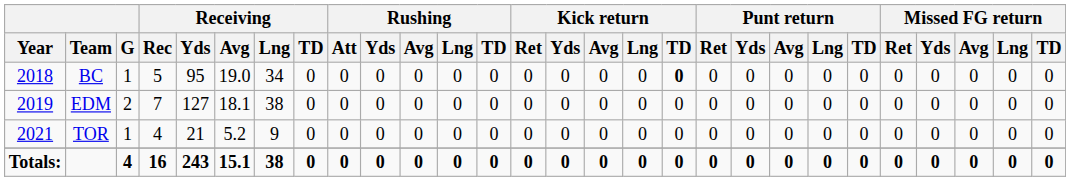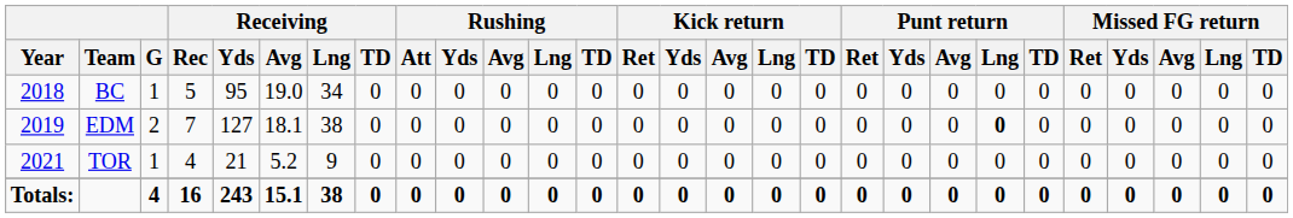 <table class="wikitable" style="text-align:center">
 <tr>
 <th colspan="3"></th>
 <th colspan="5">Receiving</th>
 <th colspan="5">Rushing</th>
 <th colspan="5">Kick return</th>
 <th colspan="5">Punt return</th>
 <th colspan="5">Missed FG return</th>
 </tr>
 <tr>
 <th>Year</th>
 <th>Team</th>
 <th>G</th>
 <th>Rec</th>
 <th>Yds</th>
 <th>Avg</th>
 <th>Lng</th>
 <th>TD</th>
 <th>Att</th>
 <th>Yds</th>
 <th>Avg</th>
 <th>Lng</th>
 <th>TD</th>
 <th>Ret</th>
 <th>Yds</th>
 <th>Avg</th>
 <th>Lng</th>
 <th>TD</th>
 <th>Ret</th>
 <th>Yds</th>
 <th>Avg</th>
 <th>Lng</th>
 <th>TD</th>
 <th>Ret</th>
 <th>Yds</th>
 <th>Avg</th>
 <th>Lng</th>
 <th>TD</th>
 </tr>
 <tr>
 <td><a href='#'>2018</a></td>
 <td><a href='#'>BC</a></td>
 <td>1</td>
 <td>5</td>
 <td>95</td>
 <td>19.0</td>
 <td>34</td>
 <td>0</td>
 <td>0</td>
 <td>0</td>
 <td>0</td>
 <td>0</td>
 <td>0</td>
 <td>0</td>
 <td>0</td>
 <td>0</td>
 <td>0</td>
-<td><strong>0</strong></td>
+<td>0</td>
 <td>0</td>
 <td>0</td>
 <td>0</td>
 <td>0</td>
 <td>0</td>
 <td>0</td>
 <td>0</td>
 <td>0</td>
 <td>0</td>
 <td>0</td>
 </tr>
 <tr>
 <td><a href='#'>2019</a></td>
 <td><a href='#'>EDM</a></td>
 <td>2</td>
 <td>7</td>
 <td>127</td>
 <td>18.1</td>
 <td>38</td>
 <td>0</td>
 <td>0</td>
 <td>0</td>
 <td>0</td>
 <td>0</td>
 <td>0</td>
 <td>0</td>
 <td>0</td>
 <td>0</td>
 <td>0</td>
 <td>0</td>
 <td>0</td>
 <td>0</td>
 <td>0</td>
-<td>0</td>
+<td><strong>0</strong></td>
 <td>0</td>
 <td>0</td>
 <td>0</td>
 <td>0</td>
 <td>0</td>
 <td>0</td>
 </tr>
 <tr>
 <td><a href='#'>2021</a></td>
 <td><a href='#'>TOR</a></td>
 <td>1</td>
 <td>4</td>
 <td>21</td>
 <td>5.2</td>
 <td>9</td>
 <td>0</td>
 <td>0</td>
 <td>0</td>
 <td>0</td>
 <td>0</td>
 <td>0</td>
 <td>0</td>
 <td>0</td>
 <td>0</td>
 <td>0</td>
 <td>0</td>
 <td>0</td>
 <td>0</td>
 <td>0</td>
 <td>0</td>
 <td>0</td>
 <td>0</td>
 <td>0</td>
 <td>0</td>
 <td>0</td>
 <td>0</td>
 </tr>
 <tr>
 </tr>
 <tr style="text-align:center;">
 <td><strong>Totals:</strong></td>
 <td></td>
 <td><strong>4</strong></td>
 <td><strong>16</strong></td>
 <td><strong>243</strong></td>
 <td><strong>15.1</strong></td>
 <td><strong>38</strong></td>
 <td><strong>0</strong></td>
 <td><strong>0</strong></td>
 <td><strong>0</strong></td>
 <td><strong>0</strong></td>
 <td><strong>0</strong></td>
 <td><strong>0</strong></td>
 <td><strong>0</strong></td>
 <td><strong>0</strong></td>
 <td><strong>0</strong></td>
 <td><strong>0</strong></td>
 <td><strong>0</strong></td>
 <td><strong>0</strong></td>
 <td><strong>0</strong></td>
 <td><strong>0</strong></td>
 <td><strong>0</strong></td>
 <td><strong>0</strong></td>
 <td><strong>0</strong></td>
 <td><strong>0</strong></td>
 <td><strong>0</strong></td>
 <td><strong>0</strong></td>
 <td><strong>0</strong></td>
 </tr>
 </table>
